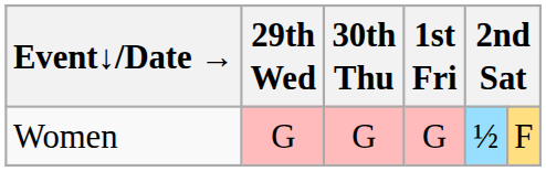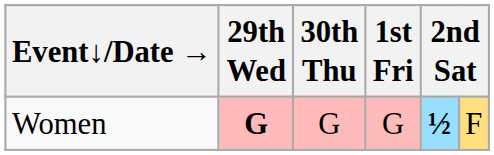 <table class="wikitable" style="margin:0.5em auto; font-size:90%; line-height:1.25em; text-align:center;">
 <tr>
 <th>Event↓/Date →</th>
 <th>29th<br>Wed</th>
 <th>30th<br>Thu</th>
 <th>1st<br>Fri</th>
 <th colspan=2>2nd<br>Sat</th>
 </tr>
 <tr>
 <td style="text-align:left;">Women</td>
+<td bgcolor="#FFBBBB"><strong>G</strong></td>
 <td bgcolor="#FFBBBB">G</td>
 <td bgcolor="#FFBBBB">G</td>
-<td bgcolor="#FFBBBB">G</td>
-<td bgcolor="#97DEFF">½</td>
+<td bgcolor="#97DEFF"><strong>½</strong></td>
 <td bgcolor="#FFDF80">F</td>
 </tr>
 </table>
